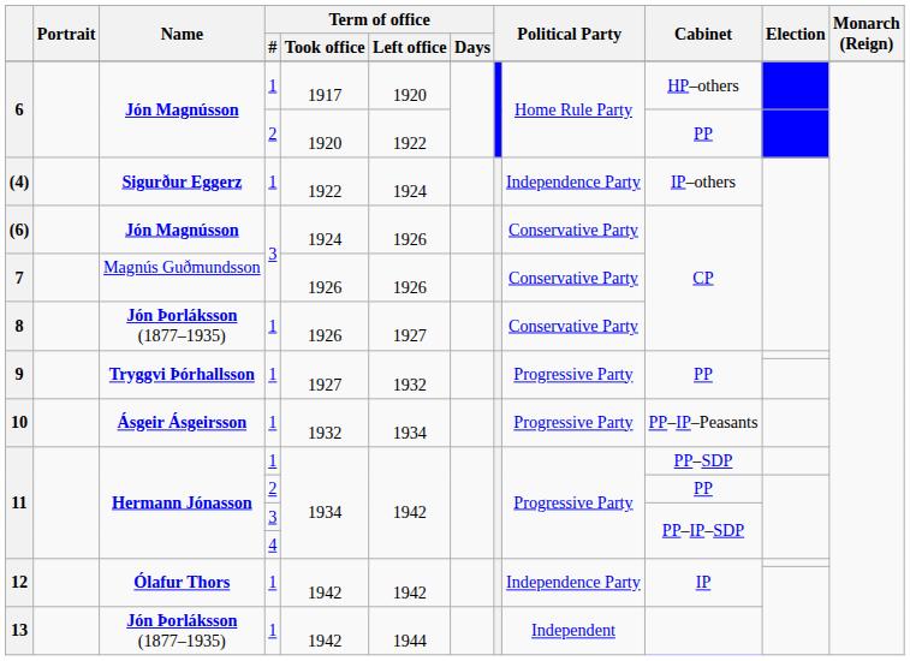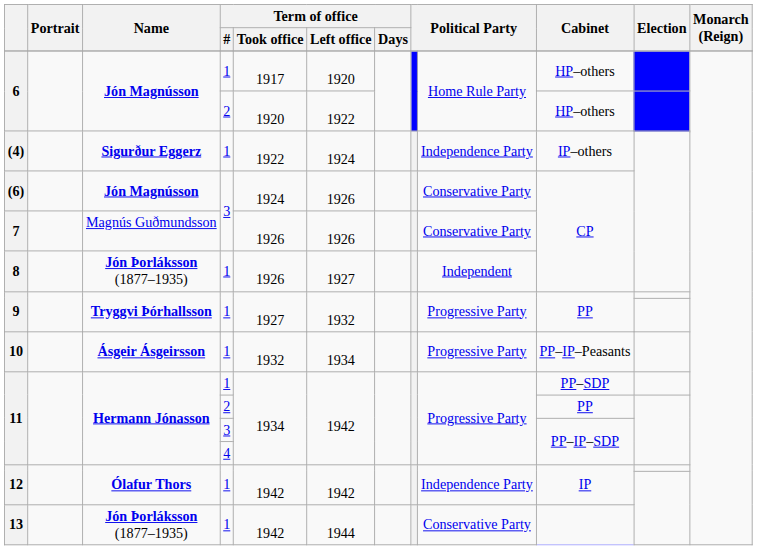 <table class="wikitable" style="text-align:center; font-size:95%; border:1px #AAAAFF solid">
 <tr>
 <th rowspan=2></th>
 <th rowspan=2>Portrait</th>
 <th rowspan=2>Name<br></th>
 <th colspan=4>Term of office</th>
 <th rowspan=2 colspan=2>Political Party</th>
 <th rowspan=2>Cabinet</th>
 <th rowspan=2>Election</th>
 <th rowspan=2>Monarch<br>(Reign)</th>
 </tr>
 <tr>
 <th>#</th>
 <th>Took office</th>
 <th>Left office</th>
 <th>Days</th>
 </tr>
 <tr style="background:#EEEEEE">
 </tr>
 <tr>
 <th rowspan="2">6</th>
 <td rowspan=2></td>
 <td rowspan=2><strong><a href='#'>Jón Magnússon</a></strong><br></td>
 <td><a href='#'>1</a></td>
 <td><br>1917</td>
 <td><br>1920</td>
 <td rowspan=2></td>
 <th rowspan=2 style="background:blue;"></th>
 <td rowspan=2><a href='#'>Home Rule Party</a></td>
 <td><a href='#'>HP</a>–others</td>
 <td bgcolor=blue><a href='#'></a></td>
 <td rowspan=18><br><br></td>
 </tr>
 <tr>
 <td><a href='#'>2</a></td>
 <td><br>1920</td>
 <td><br>1922</td>
-<td><a href='#'>PP</a></td>
+<td><a href='#'>HP</a>–others</td>
 <td rowspan=2 bgcolor=blue><a href='#'></a></td>
 </tr>
 <tr>
 <th rowspan="2">(4)</th>
 <td rowspan=2></td>
 <td rowspan=2><strong><a href='#'>Sigurður Eggerz</a></strong><br></td>
 <td rowspan=2><a href='#'>1</a></td>
 <td rowspan=2><br>1922</td>
 <td rowspan=2><br>1924</td>
 <td rowspan=2></td>
 <th rowspan=2 style="background:"></th>
 <td rowspan=2><a href='#'>Independence Party</a></td>
 <td rowspan=2><a href='#'>IP</a>–others</td>
 </tr>
 <tr>
 <td rowspan=4 bgcolor=><a href='#'></a></td>
 </tr>
 <tr>
 <th>(6)</th>
 <td></td>
 <td><strong><a href='#'>Jón Magnússon</a></strong><br></td>
 <td rowspan=2><a href='#'>3</a></td>
 <td><br>1924</td>
 <td><br>1926<br></td>
 <td></td>
 <th style="background:"></th>
 <td><a href='#'>Conservative Party</a></td>
 <td rowspan="3"><a href='#'>CP</a></td>
 </tr>
 <tr>
 <th>7</th>
 <td></td>
 <td><a href='#'>Magnús Guðmundsson</a><br><br></td>
 <td><br>1926</td>
 <td><br>1926</td>
 <td></td>
 <th style="background:"></th>
 <td><a href='#'>Conservative Party</a></td>
 </tr>
 <tr>
 <th>8</th>
 <td></td>
 <td><strong><a href='#'>Jón Þorláksson</a></strong><br>(1877–1935)<br></td>
 <td><a href='#'>1</a></td>
 <td><br>1926</td>
 <td><br>1927</td>
 <td></td>
 <th style="background:"></th>
-<td><a href='#'>Conservative Party</a></td>
+<td><a href='#'>Independent</a></td>
 </tr>
 <tr>
 <th rowspan="2">9</th>
 <td rowspan=2></td>
 <td rowspan=2><strong><a href='#'>Tryggvi Þórhallsson</a></strong><br></td>
 <td rowspan=2><a href='#'>1</a></td>
 <td rowspan=2><br>1927</td>
 <td rowspan=2><br>1932</td>
 <td rowspan=2></td>
 <th rowspan=2 style="background:"></th>
 <td rowspan=2><a href='#'>Progressive Party</a></td>
 <td rowspan=2><a href='#'>PP</a></td>
 <td bgcolor=><a href='#'></a></td>
 </tr>
 <tr>
 <td rowspan=2 bgcolor=><a href='#'></a></td>
 </tr>
 <tr>
 <th rowspan="2">10</th>
 <td rowspan=2></td>
 <td rowspan=2><strong><a href='#'>Ásgeir Ásgeirsson</a></strong><br></td>
 <td rowspan=2><a href='#'>1</a></td>
 <td rowspan=2><br>1932</td>
 <td rowspan=2><br>1934</td>
 <td rowspan=2></td>
 <th rowspan=2 style="background:"></th>
 <td rowspan=2><a href='#'>Progressive Party</a></td>
 <td rowspan=2><a href='#'>PP</a>–<a href='#'>IP</a>–Peasants</td>
 </tr>
 <tr>
 <td bgcolor=><a href='#'></a></td>
 </tr>
 <tr>
 <th rowspan="4">11</th>
 <td rowspan=4></td>
 <td rowspan=4><strong><a href='#'>Hermann Jónasson</a></strong><br></td>
 <td><a href='#'>1</a></td>
 <td rowspan="4"><br>1934</td>
 <td rowspan="4"><br>1942</td>
 <td rowspan=4></td>
 <th rowspan=4 style="background:"></th>
 <td rowspan=4><a href='#'>Progressive Party</a></td>
 <td><a href='#'>PP</a>–<a href='#'>SDP</a></td>
 <td bgcolor=><a href='#'></a></td>
 </tr>
 <tr>
 <td><a href='#'>2</a></td>
 <td><a href='#'>PP</a></td>
 <td rowspan=3 bgcolor=><a href='#'></a></td>
 </tr>
 <tr>
 <td><a href='#'>3</a></td>
 <td rowspan="2"><a href='#'>PP</a>–<a href='#'>IP</a>–<a href='#'>SDP</a></td>
 </tr>
 <tr>
 <td><a href='#'>4</a></td>
 </tr>
 <tr>
 <th rowspan="2">12</th>
 <td rowspan=2></td>
 <td rowspan=2><strong><a href='#'>Ólafur Thors</a></strong><br></td>
 <td rowspan=2><a href='#'>1</a></td>
 <td rowspan=2><br>1942</td>
 <td rowspan=2><br>1942</td>
 <td rowspan=2></td>
 <th rowspan=2 style="background:"></th>
 <td rowspan=2><a href='#'>Independence Party</a></td>
 <td rowspan=2><a href='#'>IP</a></td>
 <td bgcolor=><a href='#'></a></td>
 </tr>
 <tr>
 <td rowspan=2 bgcolor=><a href='#'></a></td>
 </tr>
 <tr>
 <th>13</th>
 <td></td>
 <td><strong><a href='#'>Jón Þorláksson</a></strong><br>(1877–1935)<br></td>
 <td><a href='#'>1</a></td>
 <td><br>1942</td>
 <td><br>1944</td>
 <td></td>
 <th style="background:"></th>
-<td><a href='#'>Independent</a></td>
+<td><a href='#'>Conservative Party</a></td>
 </tr>
 </table>
